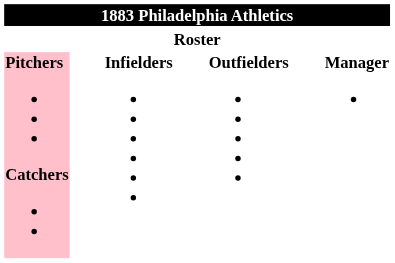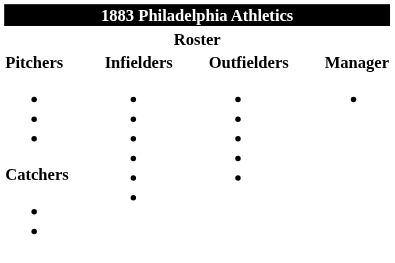 <table class="toccolours" style="font-size: 95%;">
 <tr>
 <th colspan="10" style="background-color: black; color: white; text-align: center;">1883 Philadelphia Athletics</th>
 </tr>
 <tr>
 <td colspan="10" style="background-color: white; color: black; text-align: center;"><strong>Roster</strong></td>
 </tr>
 <tr>
-<td valign="top" style="background: pink;"><strong>Pitchers</strong><br><ul><li></li><li></li><li></li></ul><strong>Catchers</strong><ul><li></li><li></li></ul></td>
+<td valign="top"><strong>Pitchers</strong><br><ul><li></li><li></li><li></li></ul><strong>Catchers</strong><ul><li></li><li></li></ul></td>
 <td width="25px"></td>
 <td valign="top"><strong>Infielders</strong><br><ul><li></li><li></li><li></li><li></li><li></li><li></li></ul></td>
 <td width="25px"></td>
 <td valign="top"><strong>Outfielders</strong><br><ul><li></li><li></li><li></li><li></li><li></li></ul></td>
 <td width="25px"></td>
 <td valign="top"><strong>Manager</strong><br><ul><li></li></ul></td>
 </tr>
 </table>
